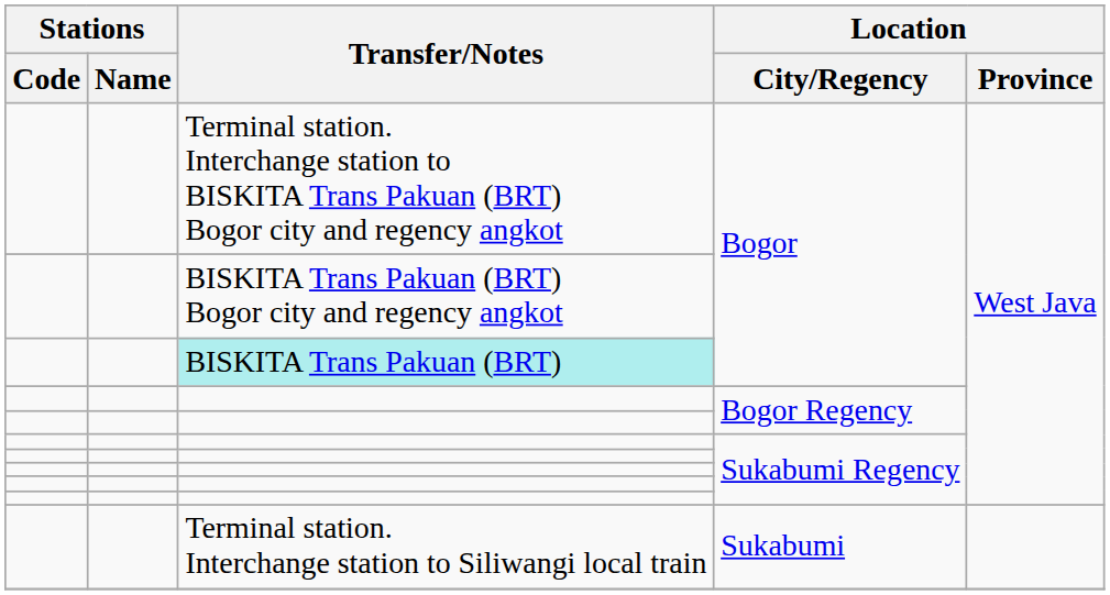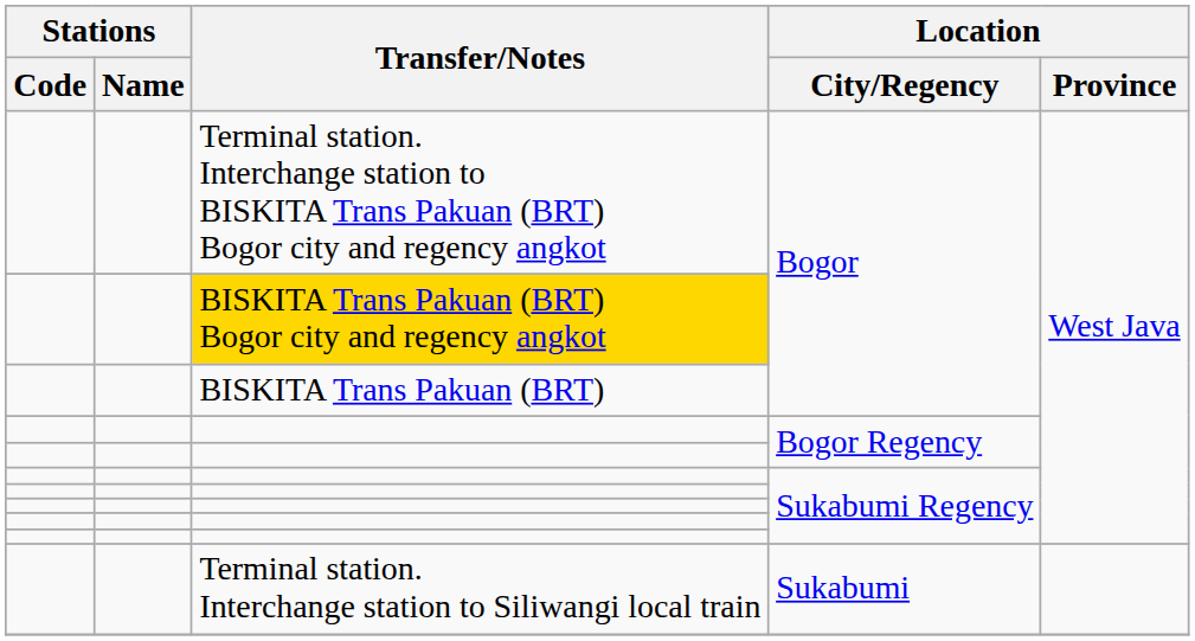 <table class="wikitable">
 <tr>
 <th colspan="2">Stations</th>
 <th rowspan="2">Transfer/Notes</th>
 <th colspan="2">Location</th>
 </tr>
 <tr>
 <th>Code</th>
 <th>Name</th>
 <th>City/Regency</th>
 <th>Province</th>
 </tr>
 <tr>
 <td> </td>
 <td></td>
 <td>Terminal station.<br>Interchange station to <br>    BISKITA <a href='#'>Trans Pakuan</a> (<a href='#'>BRT</a>)<br> Bogor city and regency <a href='#'>angkot</a></td>
 <td rowspan="3"><a href='#'>Bogor</a></td>
 <td rowspan="10"><a href='#'>West Java</a></td>
 </tr>
 <tr>
 <td></td>
 <td></td>
-<td>   BISKITA <a href='#'>Trans Pakuan</a> (<a href='#'>BRT</a>)<br> Bogor city and regency <a href='#'>angkot</a></td>
+<td style="background: gold;">   BISKITA <a href='#'>Trans Pakuan</a> (<a href='#'>BRT</a>)<br> Bogor city and regency <a href='#'>angkot</a></td>
 </tr>
 <tr>
 <td></td>
 <td></td>
-<td style="background: paleturquoise;"> BISKITA <a href='#'>Trans Pakuan</a> (<a href='#'>BRT</a>)</td>
+<td> BISKITA <a href='#'>Trans Pakuan</a> (<a href='#'>BRT</a>)</td>
 </tr>
 <tr>
 <td></td>
 <td></td>
 <td></td>
 <td rowspan="2"><a href='#'>Bogor Regency</a></td>
 </tr>
 <tr>
 <td></td>
 <td></td>
 <td></td>
 </tr>
 <tr>
 <td></td>
 <td></td>
 <td></td>
 <td rowspan="5"><a href='#'>Sukabumi Regency</a></td>
 </tr>
 <tr>
 <td></td>
 <td></td>
 <td></td>
 </tr>
 <tr>
 <td></td>
 <td></td>
 <td></td>
 </tr>
 <tr>
 <td></td>
 <td></td>
 <td></td>
 </tr>
 <tr>
 <td></td>
 <td></td>
 <td></td>
 </tr>
 <tr>
 <td> </td>
 <td></td>
 <td>Terminal station.<br>Interchange station to  Siliwangi local train</td>
 <td><a href='#'>Sukabumi</a></td>
 <td></td>
 </tr>
 <tr>
 </tr>
 </table>
